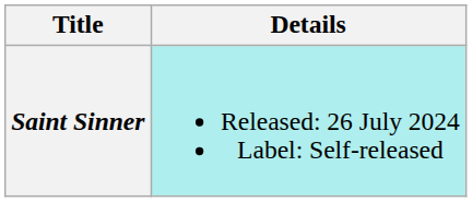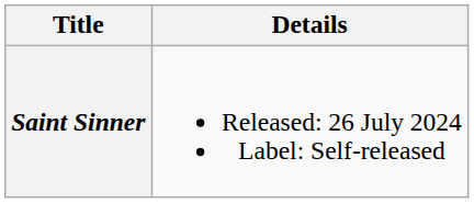 <table class="wikitable plainrowheaders" style="text-align:center;" border="1">
 <tr>
 <th>Title</th>
 <th>Details</th>
 </tr>
 <tr>
 <th scope="row"><em>Saint Sinner</em></th>
-<td style="background: paleturquoise;"><br><ul><li>Released: 26 July 2024</li><li>Label: Self-released</li></ul></td>
+<td><br><ul><li>Released: 26 July 2024</li><li>Label: Self-released</li></ul></td>
 </tr>
 </table>
